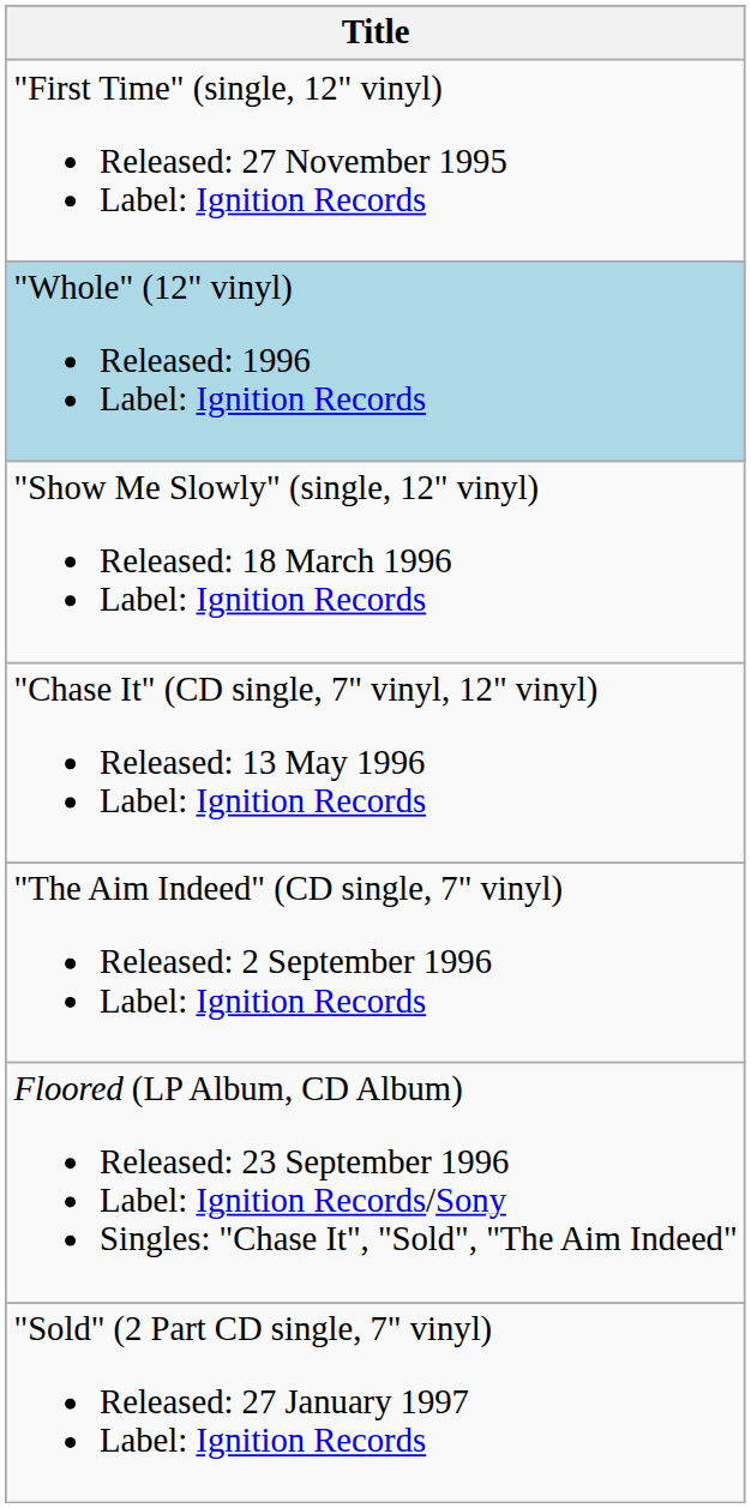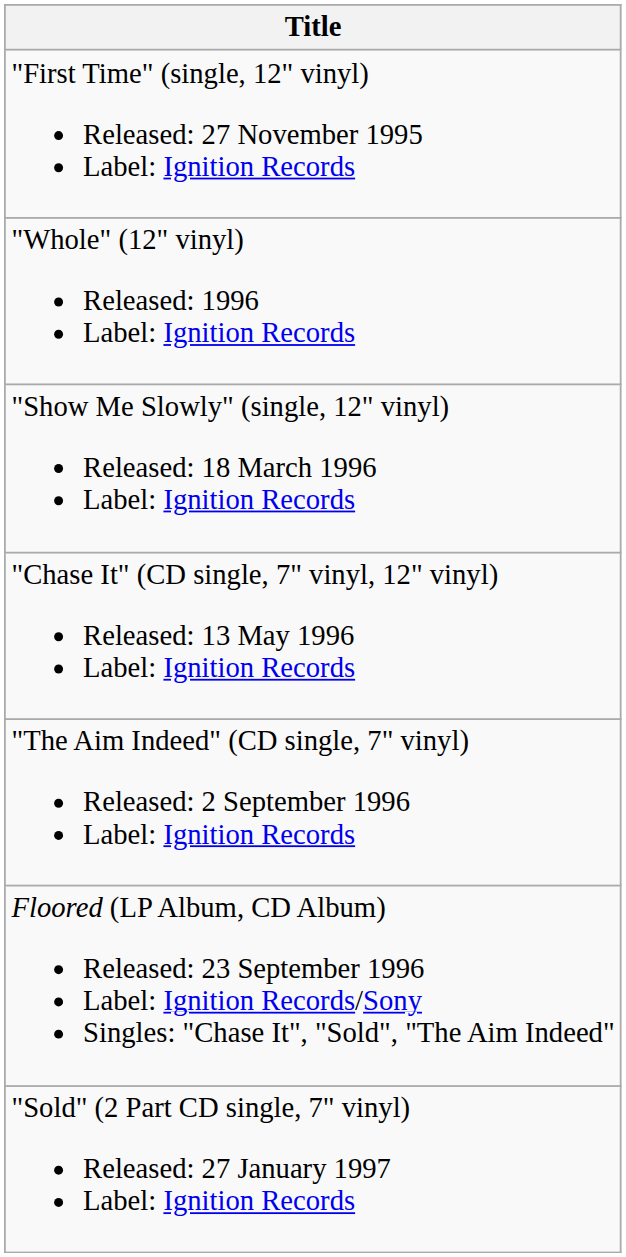 <table class="wikitable">
 <tr>
 <th align="center">Title</th>
 </tr>
 <tr>
 <td align="left">"First Time" (single, 12" vinyl)<br><ul><li>Released: 27 November 1995</li><li>Label: <a href='#'>Ignition Records</a></li></ul></td>
 </tr>
 <tr>
-<td align="left" style="background: lightblue;">"Whole" (12" vinyl)<br><ul><li>Released: 1996</li><li>Label: <a href='#'>Ignition Records</a></li></ul></td>
+<td align="left">"Whole" (12" vinyl)<br><ul><li>Released: 1996</li><li>Label: <a href='#'>Ignition Records</a></li></ul></td>
 </tr>
 <tr>
 <td align="left">"Show Me Slowly" (single, 12" vinyl)<br><ul><li>Released: 18 March 1996</li><li>Label: <a href='#'>Ignition Records</a></li></ul></td>
 </tr>
 <tr>
 <td align="left">"Chase It" (CD single, 7" vinyl, 12" vinyl)<br><ul><li>Released: 13 May 1996</li><li>Label: <a href='#'>Ignition Records</a></li></ul></td>
 </tr>
 <tr>
 <td align="left">"The Aim Indeed" (CD single, 7" vinyl)<br><ul><li>Released: 2 September 1996</li><li>Label: <a href='#'>Ignition Records</a></li></ul></td>
 </tr>
 <tr>
 <td align="left"><em>Floored</em> (LP Album, CD Album)<br><ul><li>Released: 23 September 1996</li><li>Label: <a href='#'>Ignition Records</a>/<a href='#'>Sony</a></li><li>Singles: "Chase It", "Sold", "The Aim Indeed"</li></ul></td>
 </tr>
 <tr>
 <td align="left">"Sold" (2 Part CD single, 7" vinyl)<br><ul><li>Released: 27 January 1997</li><li>Label: <a href='#'>Ignition Records</a></li></ul></td>
 </tr>
 </table>
